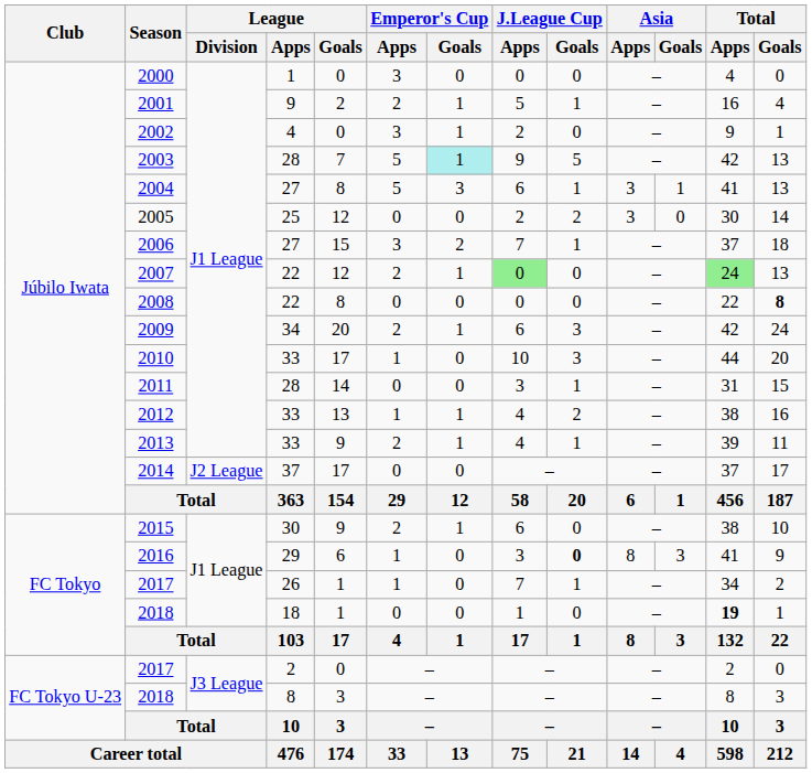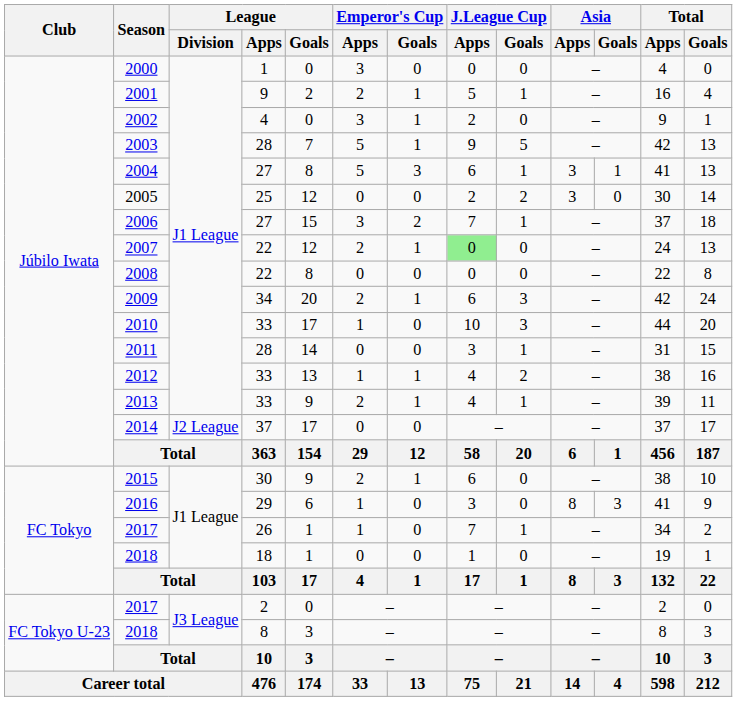 <table class="wikitable" style="text-align:center">
 <tr>
 <th rowspan="2">Club</th>
 <th rowspan="2">Season</th>
 <th colspan="3">League</th>
 <th colspan="2"><a href='#'>Emperor's Cup</a></th>
 <th colspan="2"><a href='#'>J.League Cup</a></th>
 <th colspan="2"><a href='#'>Asia</a></th>
 <th colspan="2">Total</th>
 </tr>
 <tr>
 <th>Division</th>
 <th>Apps</th>
 <th>Goals</th>
 <th>Apps</th>
 <th>Goals</th>
 <th>Apps</th>
 <th>Goals</th>
 <th>Apps</th>
 <th>Goals</th>
 <th>Apps</th>
 <th>Goals</th>
 </tr>
 <tr>
 <td rowspan="16"><a href='#'>Júbilo Iwata</a></td>
 <td><a href='#'>2000</a></td>
 <td rowspan="14"><a href='#'>J1 League</a></td>
 <td>1</td>
 <td>0</td>
 <td>3</td>
 <td>0</td>
 <td>0</td>
 <td>0</td>
 <td colspan="2">–</td>
 <td>4</td>
 <td>0</td>
 </tr>
 <tr>
 <td><a href='#'>2001</a></td>
 <td>9</td>
 <td>2</td>
 <td>2</td>
 <td>1</td>
 <td>5</td>
 <td>1</td>
 <td colspan="2">–</td>
 <td>16</td>
 <td>4</td>
 </tr>
 <tr>
 <td><a href='#'>2002</a></td>
 <td>4</td>
 <td>0</td>
 <td>3</td>
 <td>1</td>
 <td>2</td>
 <td>0</td>
 <td colspan="2">–</td>
 <td>9</td>
 <td>1</td>
 </tr>
 <tr>
 <td><a href='#'>2003</a></td>
 <td>28</td>
 <td>7</td>
 <td>5</td>
-<td style="background: paleturquoise;">1</td>
+<td>1</td>
 <td>9</td>
 <td>5</td>
 <td colspan="2">–</td>
 <td>42</td>
 <td>13</td>
 </tr>
 <tr>
 <td><a href='#'>2004</a></td>
 <td>27</td>
 <td>8</td>
 <td>5</td>
 <td>3</td>
 <td>6</td>
 <td>1</td>
 <td>3</td>
 <td>1</td>
 <td>41</td>
 <td>13</td>
 </tr>
 <tr>
 <td>2005</td>
 <td>25</td>
 <td>12</td>
 <td>0</td>
 <td>0</td>
 <td>2</td>
 <td>2</td>
 <td>3</td>
 <td>0</td>
 <td>30</td>
 <td>14</td>
 </tr>
 <tr>
 <td><a href='#'>2006</a></td>
 <td>27</td>
 <td>15</td>
 <td>3</td>
 <td>2</td>
 <td>7</td>
 <td>1</td>
 <td colspan="2">–</td>
 <td>37</td>
 <td>18</td>
 </tr>
 <tr>
 <td><a href='#'>2007</a></td>
 <td>22</td>
 <td>12</td>
 <td>2</td>
 <td>1</td>
 <td style="background: lightgreen;">0</td>
 <td>0</td>
 <td colspan="2">–</td>
-<td style="background: lightgreen;">24</td>
+<td>24</td>
 <td>13</td>
 </tr>
 <tr>
 <td><a href='#'>2008</a></td>
 <td>22</td>
 <td>8</td>
 <td>0</td>
 <td>0</td>
 <td>0</td>
 <td>0</td>
 <td colspan="2">–</td>
 <td>22</td>
-<td><strong>8</strong></td>
+<td>8</td>
 </tr>
 <tr>
 <td><a href='#'>2009</a></td>
 <td>34</td>
 <td>20</td>
 <td>2</td>
 <td>1</td>
 <td>6</td>
 <td>3</td>
 <td colspan="2">–</td>
 <td>42</td>
 <td>24</td>
 </tr>
 <tr>
 <td><a href='#'>2010</a></td>
 <td>33</td>
 <td>17</td>
 <td>1</td>
 <td>0</td>
 <td>10</td>
 <td>3</td>
 <td colspan="2">–</td>
 <td>44</td>
 <td>20</td>
 </tr>
 <tr>
 <td><a href='#'>2011</a></td>
 <td>28</td>
 <td>14</td>
 <td>0</td>
 <td>0</td>
 <td>3</td>
 <td>1</td>
 <td colspan="2">–</td>
 <td>31</td>
 <td>15</td>
 </tr>
 <tr>
 <td><a href='#'>2012</a></td>
 <td>33</td>
 <td>13</td>
 <td>1</td>
 <td>1</td>
 <td>4</td>
 <td>2</td>
 <td colspan="2">–</td>
 <td>38</td>
 <td>16</td>
 </tr>
 <tr>
 <td><a href='#'>2013</a></td>
 <td>33</td>
 <td>9</td>
 <td>2</td>
 <td>1</td>
 <td>4</td>
 <td>1</td>
 <td colspan="2">–</td>
 <td>39</td>
 <td>11</td>
 </tr>
 <tr>
 <td><a href='#'>2014</a></td>
 <td><a href='#'>J2 League</a></td>
 <td>37</td>
 <td>17</td>
 <td>0</td>
 <td>0</td>
 <td colspan="2">–</td>
 <td colspan="2">–</td>
 <td>37</td>
 <td>17</td>
 </tr>
 <tr>
 <th colspan="2">Total</th>
 <th>363</th>
 <th>154</th>
 <th>29</th>
 <th>12</th>
 <th>58</th>
 <th>20</th>
 <th>6</th>
 <th>1</th>
 <th>456</th>
 <th>187</th>
 </tr>
 <tr>
 <td rowspan="5"><a href='#'>FC Tokyo</a></td>
 <td><a href='#'>2015</a></td>
 <td rowspan="4">J1 League</td>
 <td>30</td>
 <td>9</td>
 <td>2</td>
 <td>1</td>
 <td>6</td>
 <td>0</td>
 <td colspan="2">–</td>
 <td>38</td>
 <td>10</td>
 </tr>
 <tr>
 <td><a href='#'>2016</a></td>
 <td>29</td>
 <td>6</td>
 <td>1</td>
 <td>0</td>
 <td>3</td>
-<td><strong>0</strong></td>
+<td>0</td>
 <td>8</td>
 <td>3</td>
 <td>41</td>
 <td>9</td>
 </tr>
 <tr>
 <td><a href='#'>2017</a></td>
 <td>26</td>
 <td>1</td>
 <td>1</td>
 <td>0</td>
 <td>7</td>
 <td>1</td>
 <td colspan="2">–</td>
 <td>34</td>
 <td>2</td>
 </tr>
 <tr>
 <td><a href='#'>2018</a></td>
 <td>18</td>
 <td>1</td>
 <td>0</td>
 <td>0</td>
 <td>1</td>
 <td>0</td>
 <td colspan="2">–</td>
-<td><strong>19</strong></td>
+<td>19</td>
 <td>1</td>
 </tr>
 <tr>
 <th colspan="2">Total</th>
 <th>103</th>
 <th>17</th>
 <th>4</th>
 <th>1</th>
 <th>17</th>
 <th>1</th>
 <th>8</th>
 <th>3</th>
 <th>132</th>
 <th>22</th>
 </tr>
 <tr>
 <td rowspan="3"><a href='#'>FC Tokyo U-23</a></td>
 <td><a href='#'>2017</a></td>
 <td rowspan="2"><a href='#'>J3 League</a></td>
 <td>2</td>
 <td>0</td>
 <td colspan="2">–</td>
 <td colspan="2">–</td>
 <td colspan="2">–</td>
 <td>2</td>
 <td>0</td>
 </tr>
 <tr>
 <td><a href='#'>2018</a></td>
 <td>8</td>
 <td>3</td>
 <td colspan="2">–</td>
 <td colspan="2">–</td>
 <td colspan="2">–</td>
 <td>8</td>
 <td>3</td>
 </tr>
 <tr>
 <th colspan="2">Total</th>
 <th>10</th>
 <th>3</th>
 <th colspan="2">–</th>
 <th colspan="2">–</th>
 <th colspan="2">–</th>
 <th>10</th>
 <th>3</th>
 </tr>
 <tr>
 <th colspan="3">Career total</th>
 <th>476</th>
 <th>174</th>
 <th>33</th>
 <th>13</th>
 <th>75</th>
 <th>21</th>
 <th>14</th>
 <th>4</th>
 <th>598</th>
 <th>212</th>
 </tr>
 </table>
